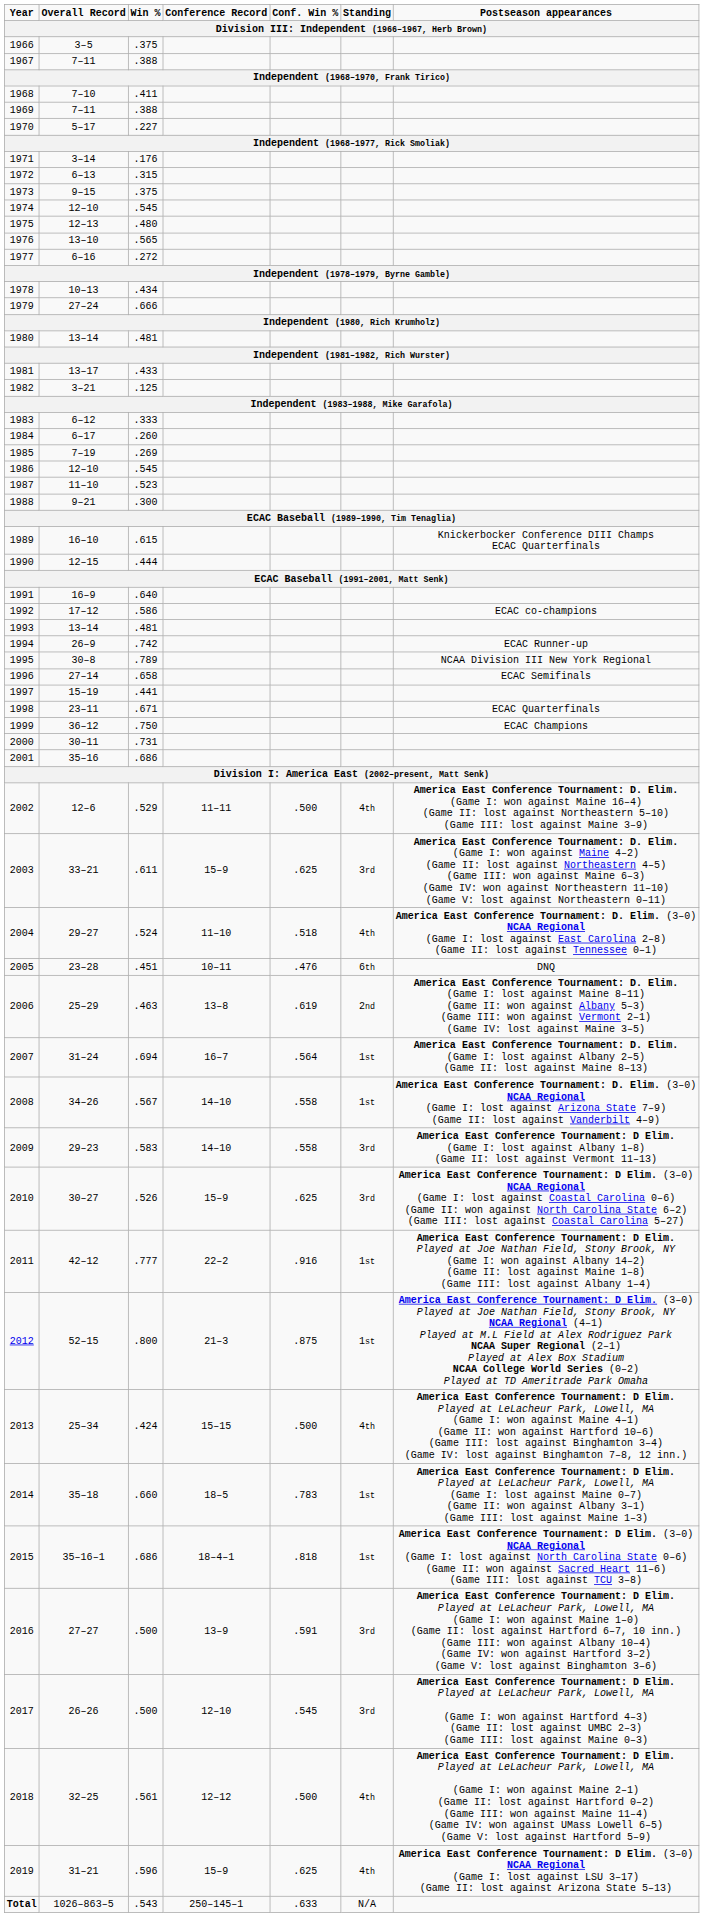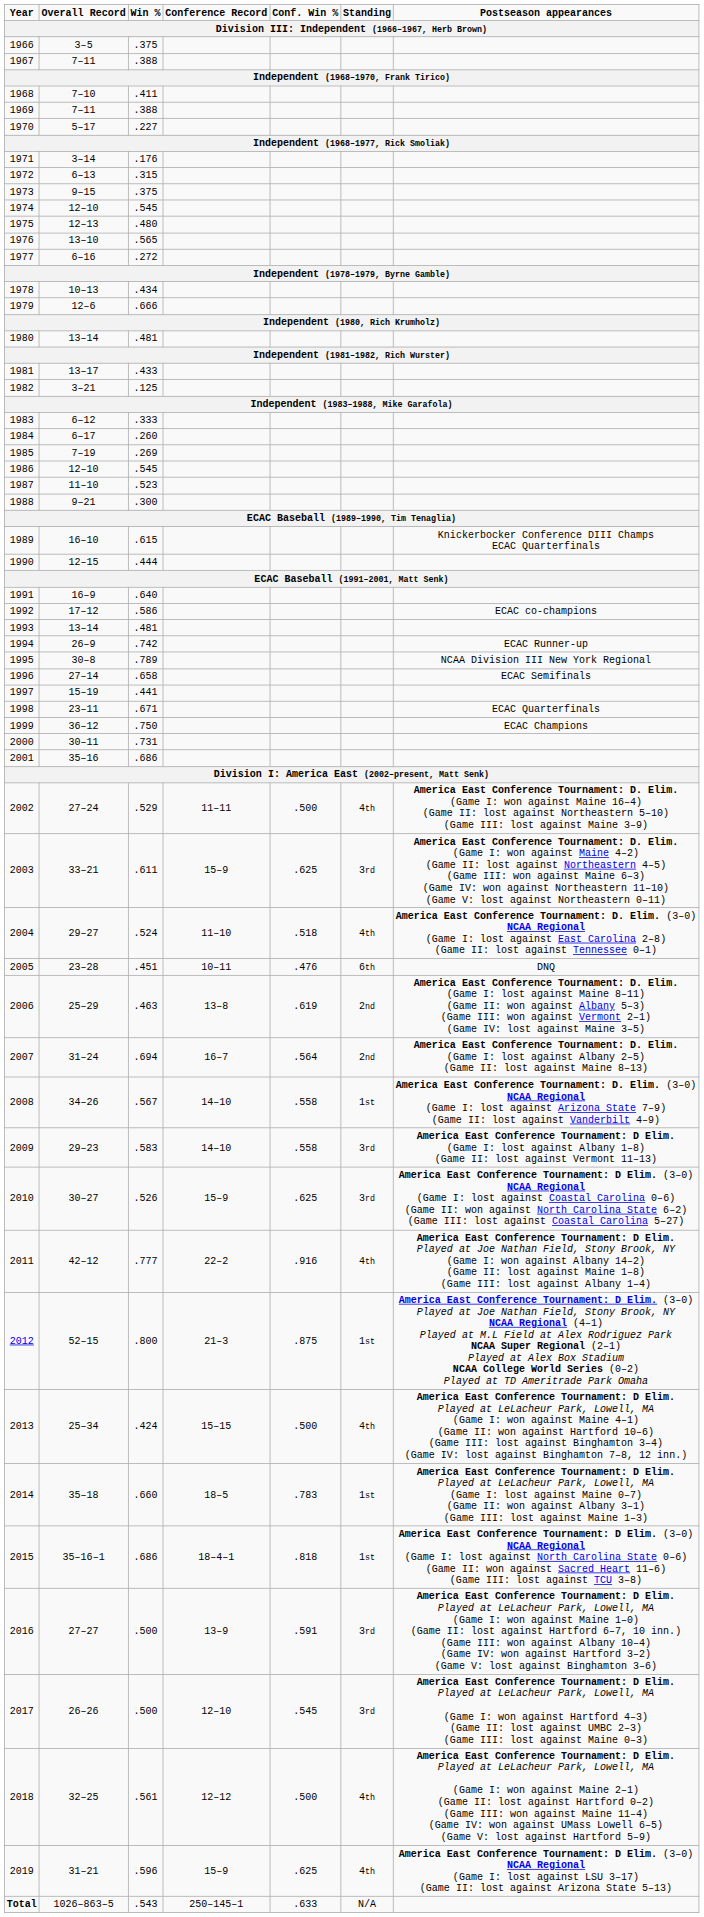 <table class="wikitable" style="text-align:center">
 <tr>
 <td><strong>Year</strong></td>
 <td><strong>Overall Record</strong></td>
 <td><strong>Win %</strong></td>
 <td><strong>Conference Record </strong></td>
 <td><strong>Conf. Win %</strong></td>
 <td><strong>Standing</strong></td>
 <td><strong>Postseason appearances</strong></td>
 </tr>
 <tr>
 <th colspan="9">Division III: Independent <small>(1966–1967, Herb Brown)</small></th>
 </tr>
 <tr align="center">
 <td>1966</td>
 <td>3–5</td>
 <td>.375</td>
 <td></td>
 <td></td>
 <td></td>
 <td></td>
 </tr>
 <tr align="center">
 <td>1967</td>
 <td>7–11</td>
 <td>.388</td>
 <td></td>
 <td></td>
 <td></td>
 <td></td>
 </tr>
 <tr>
 <th colspan="9">Independent <small>(1968–1970, Frank Tirico)</small></th>
 </tr>
 <tr align="center">
 <td>1968</td>
 <td>7–10</td>
 <td>.411</td>
 <td></td>
 <td></td>
 <td></td>
 <td></td>
 </tr>
 <tr align="center">
 <td>1969</td>
 <td>7–11</td>
 <td>.388</td>
 <td></td>
 <td></td>
 <td></td>
 <td></td>
 </tr>
 <tr align="center">
 <td>1970</td>
 <td>5–17</td>
 <td>.227</td>
 <td></td>
 <td></td>
 <td></td>
 <td></td>
 </tr>
 <tr>
 <th colspan="9">Independent <small>(1968–1977, Rick Smoliak)</small></th>
 </tr>
 <tr align="center">
 <td>1971</td>
 <td>3–14</td>
 <td>.176</td>
 <td></td>
 <td></td>
 <td></td>
 <td></td>
 </tr>
 <tr align="center">
 <td>1972</td>
 <td>6–13</td>
 <td>.315</td>
 <td></td>
 <td></td>
 <td></td>
 <td></td>
 </tr>
 <tr align="center">
 <td>1973</td>
 <td>9–15</td>
 <td>.375</td>
 <td></td>
 <td></td>
 <td></td>
 <td></td>
 </tr>
 <tr align="center">
 <td>1974</td>
 <td>12–10</td>
 <td>.545</td>
 <td></td>
 <td></td>
 <td></td>
 <td></td>
 </tr>
 <tr align="center">
 <td>1975</td>
 <td>12–13</td>
 <td>.480</td>
 <td></td>
 <td></td>
 <td></td>
 <td></td>
 </tr>
 <tr align="center">
 <td>1976</td>
 <td>13–10</td>
 <td>.565</td>
 <td></td>
 <td></td>
 <td></td>
 <td></td>
 </tr>
 <tr align="center">
 <td>1977</td>
 <td>6–16</td>
 <td>.272</td>
 <td></td>
 <td></td>
 <td></td>
 <td></td>
 </tr>
 <tr>
 <th colspan="9">Independent <small>(1978–1979, Byrne Gamble)</small></th>
 </tr>
 <tr align="center">
 <td>1978</td>
 <td>10–13</td>
 <td>.434</td>
 <td></td>
 <td></td>
 <td></td>
 <td></td>
 </tr>
 <tr align="center">
 <td>1979</td>
-<td>27–24</td>
+<td>12–6</td>
 <td>.666</td>
 <td></td>
 <td></td>
 <td></td>
 <td></td>
 </tr>
 <tr>
 <th colspan="9">Independent <small>(1980, Rich Krumholz)</small></th>
 </tr>
 <tr align="center">
 <td>1980</td>
 <td>13–14</td>
 <td>.481</td>
 <td></td>
 <td></td>
 <td></td>
 <td></td>
 </tr>
 <tr>
 <th colspan="9">Independent <small>(1981–1982, Rich Wurster)</small></th>
 </tr>
 <tr align="center">
 <td>1981</td>
 <td>13–17</td>
 <td>.433</td>
 <td></td>
 <td></td>
 <td></td>
 <td></td>
 </tr>
 <tr align="center">
 <td>1982</td>
 <td>3–21</td>
 <td>.125</td>
 <td></td>
 <td></td>
 <td></td>
 <td></td>
 </tr>
 <tr>
 <th colspan="9">Independent <small>(1983–1988, Mike Garafola)</small></th>
 </tr>
 <tr align="center">
 <td>1983</td>
 <td>6–12</td>
 <td>.333</td>
 <td></td>
 <td></td>
 <td></td>
 <td></td>
 </tr>
 <tr align="center">
 <td>1984</td>
 <td>6–17</td>
 <td>.260</td>
 <td></td>
 <td></td>
 <td></td>
 <td></td>
 </tr>
 <tr align="center">
 <td>1985</td>
 <td>7–19</td>
 <td>.269</td>
 <td></td>
 <td></td>
 <td></td>
 <td></td>
 </tr>
 <tr align="center">
 <td>1986</td>
 <td>12–10</td>
 <td>.545</td>
 <td></td>
 <td></td>
 <td></td>
 <td></td>
 </tr>
 <tr align="center">
 <td>1987</td>
 <td>11–10</td>
 <td>.523</td>
 <td></td>
 <td></td>
 <td></td>
 <td></td>
 </tr>
 <tr align="center">
 <td>1988</td>
 <td>9–21</td>
 <td>.300</td>
 <td></td>
 <td></td>
 <td></td>
 <td></td>
 </tr>
 <tr>
 <th colspan="9">ECAC Baseball <small>(1989–1990, Tim Tenaglia)</small></th>
 </tr>
 <tr align="center">
 <td>1989</td>
 <td>16–10</td>
 <td>.615</td>
 <td></td>
 <td></td>
 <td></td>
 <td>Knickerbocker Conference DIII Champs<br>ECAC Quarterfinals</td>
 </tr>
 <tr align="center">
 <td>1990</td>
 <td>12–15</td>
 <td>.444</td>
 <td></td>
 <td></td>
 <td></td>
 <td></td>
 </tr>
 <tr>
 <th colspan="9">ECAC Baseball <small>(1991–2001, Matt Senk)</small></th>
 </tr>
 <tr align="center">
 <td>1991</td>
 <td>16–9</td>
 <td>.640</td>
 <td></td>
 <td></td>
 <td></td>
 <td></td>
 </tr>
 <tr align="center">
 <td>1992</td>
 <td>17–12</td>
 <td>.586</td>
 <td></td>
 <td></td>
 <td></td>
 <td>ECAC co-champions</td>
 </tr>
 <tr align="center">
 <td>1993</td>
 <td>13–14</td>
 <td>.481</td>
 <td></td>
 <td></td>
 <td></td>
 <td></td>
 </tr>
 <tr align="center">
 <td>1994</td>
 <td>26–9</td>
 <td>.742</td>
 <td></td>
 <td></td>
 <td></td>
 <td>ECAC Runner-up</td>
 </tr>
 <tr align="center">
 <td>1995</td>
 <td>30–8</td>
 <td>.789</td>
 <td></td>
 <td></td>
 <td></td>
 <td>NCAA Division III New York Regional</td>
 </tr>
 <tr align="center">
 <td>1996</td>
 <td>27–14</td>
 <td>.658</td>
 <td></td>
 <td></td>
 <td></td>
 <td>ECAC Semifinals</td>
 </tr>
 <tr align="center">
 <td>1997</td>
 <td>15–19</td>
 <td>.441</td>
 <td></td>
 <td></td>
 <td></td>
 <td></td>
 </tr>
 <tr align="center">
 <td>1998</td>
 <td>23–11</td>
 <td>.671</td>
 <td></td>
 <td></td>
 <td></td>
 <td>ECAC Quarterfinals</td>
 </tr>
 <tr align="center">
 <td>1999</td>
 <td>36–12</td>
 <td>.750</td>
 <td></td>
 <td></td>
 <td></td>
 <td>ECAC Champions</td>
 </tr>
 <tr align="center">
 <td>2000</td>
 <td>30–11</td>
 <td>.731</td>
 <td></td>
 <td></td>
 <td></td>
 <td></td>
 </tr>
 <tr align="center">
 <td>2001</td>
 <td>35–16</td>
 <td>.686</td>
 <td></td>
 <td></td>
 <td></td>
 <td></td>
 </tr>
 <tr>
 <th colspan="9">Division I: America East <small>(2002–present, Matt Senk)</small></th>
 </tr>
 <tr align="center">
 <td>2002</td>
-<td>12–6</td>
+<td>27–24</td>
 <td>.529</td>
 <td>11–11</td>
 <td>.500</td>
 <td>4<small>th</small></td>
 <td><strong>America East Conference Tournament: D. Elim.</strong> <br> (Game I: won against Maine 16–4) <br> (Game II: lost against Northeastern 5–10)<br> (Game III: lost against Maine 3–9)</td>
 </tr>
 <tr align="center">
 <td>2003</td>
 <td>33–21</td>
 <td>.611</td>
 <td>15–9</td>
 <td>.625</td>
 <td>3<small>rd</small></td>
 <td><strong>America East Conference Tournament: D. Elim.</strong> <br>(Game I: won against <a href='#'>Maine</a> 4–2)<br> (Game II: lost against <a href='#'>Northeastern</a> 4–5)<br> (Game III: won against Maine 6–3) <br> (Game IV: won against Northeastern 11–10) <br> (Game V: lost against Northeastern 0–11)</td>
 </tr>
 <tr align="center">
 <td>2004</td>
 <td>29–27</td>
 <td>.524</td>
 <td>11–10</td>
 <td>.518</td>
 <td>4<small>th</small></td>
 <td><strong>America East Conference Tournament: D. Elim.</strong> (3–0) <br> <strong><a href='#'>NCAA Regional</a></strong><br> (Game I: lost against <a href='#'>East Carolina</a> 2–8) <br> (Game II: lost against <a href='#'>Tennessee</a> 0–1)</td>
 </tr>
 <tr align="center">
 <td>2005</td>
 <td>23–28</td>
 <td>.451</td>
 <td>10–11</td>
 <td>.476</td>
 <td>6<small>th</small></td>
 <td>DNQ</td>
 </tr>
 <tr align="center">
 <td>2006</td>
 <td>25–29</td>
 <td>.463</td>
 <td>13–8</td>
 <td>.619</td>
 <td>2<small>nd</small></td>
 <td><strong>America East Conference Tournament: D. Elim.</strong><br>(Game I: lost against Maine 8–11)<br>(Game II: won against <a href='#'>Albany</a> 5–3)<br>(Game III: won against <a href='#'>Vermont</a> 2–1)<br>(Game IV: lost against Maine 3–5)</td>
 </tr>
 <tr align="center">
 <td>2007</td>
 <td>31–24</td>
 <td>.694</td>
 <td>16–7</td>
 <td>.564</td>
-<td>1<small>st</small></td>
+<td>2<small>nd</small></td>
 <td><strong>America East Conference Tournament: D. Elim.</strong><br>(Game I: lost against Albany 2–5)<br>(Game II: lost against Maine 8–13)<br></td>
 </tr>
 <tr align="center">
 <td>2008</td>
 <td>34–26</td>
 <td>.567</td>
 <td>14–10</td>
 <td>.558</td>
 <td>1<small>st</small></td>
 <td><strong>America East Conference Tournament: D. Elim.</strong> (3–0) <br> <strong><a href='#'>NCAA Regional</a></strong> <br> (Game I: lost against <a href='#'>Arizona State</a> 7–9) <br> (Game II: lost against <a href='#'>Vanderbilt</a> 4–9)</td>
 </tr>
 <tr align="center">
 <td>2009</td>
 <td>29–23</td>
 <td>.583</td>
 <td>14–10</td>
 <td>.558</td>
 <td>3<small>rd</small></td>
 <td><strong>America East Conference Tournament: D Elim.</strong><br>(Game I: lost against Albany 1–8)<br>(Game II: lost against Vermont 11–13)</td>
 </tr>
 <tr align="center">
 <td>2010</td>
 <td>30–27</td>
 <td>.526</td>
 <td>15–9</td>
 <td>.625</td>
 <td>3<small>rd</small></td>
 <td><strong>America East Conference Tournament: D Elim.</strong> (3–0) <br> <strong><a href='#'>NCAA Regional</a></strong> <br> (Game I: lost against <a href='#'>Coastal Carolina</a> 0–6) <br> (Game II: won against <a href='#'>North Carolina State</a> 6–2) <br> (Game III: lost against <a href='#'>Coastal Carolina</a> 5–27)</td>
 </tr>
 <tr align="center">
 <td>2011</td>
 <td>42–12</td>
 <td>.777</td>
 <td>22–2</td>
 <td>.916</td>
-<td>1<small>st</small></td>
+<td>4<small>th</small></td>
 <td><strong>America East Conference Tournament: D Elim.</strong><br><em>Played at Joe Nathan Field, Stony Brook, NY</em><br>(Game I: won against Albany 14–2)<br>(Game II: lost against Maine 1–8)<br>(Game III: lost against Albany 1–4)</td>
 </tr>
 <tr align="center">
 <td><a href='#'>2012</a></td>
 <td>52–15</td>
 <td>.800</td>
 <td>21–3</td>
 <td>.875</td>
 <td>1<small>st</small></td>
 <td><strong><a href='#'>America East Conference Tournament: D Elim.</a></strong> (3–0)<br><em>Played at Joe Nathan Field, Stony Brook, NY</em> <br> <strong><a href='#'>NCAA Regional</a></strong> (4–1)<br> <em>Played at M.L Field at Alex Rodriguez Park</em><br><strong>NCAA Super Regional</strong> (2–1)<br><em>Played at Alex Box Stadium</em><br><strong>NCAA College World Series</strong> (0–2)<br><em>Played at TD Ameritrade Park Omaha</em></td>
 </tr>
 <tr align="center">
 <td>2013</td>
 <td>25–34</td>
 <td>.424</td>
 <td>15–15</td>
 <td>.500</td>
 <td>4<small>th</small></td>
 <td><strong>America East Conference Tournament: D Elim.</strong><br><em>Played at LeLacheur Park, Lowell, MA</em><br>(Game I: won against Maine 4–1)<br>(Game II: won against Hartford 10–6)<br>(Game III: lost against Binghamton 3–4)<br>(Game IV: lost against Binghamton 7–8, 12 inn.)</td>
 </tr>
 <tr align="center">
 <td>2014</td>
 <td>35–18</td>
 <td>.660</td>
 <td>18–5</td>
 <td>.783</td>
 <td>1<small>st</small></td>
 <td><strong>America East Conference Tournament: D Elim.</strong><br><em>Played at LeLacheur Park, Lowell, MA</em><br>(Game I: lost against Maine 0–7)<br>(Game II: won against Albany 3–1)<br>(Game III: lost against Maine 1–3)</td>
 </tr>
 <tr align="center">
 <td>2015</td>
 <td>35–16–1</td>
 <td>.686</td>
 <td>18–4–1</td>
 <td>.818</td>
 <td>1<small>st</small></td>
 <td><strong>America East Conference Tournament: D Elim.</strong> (3–0) <br> <strong><a href='#'>NCAA Regional</a></strong> <br> (Game I: lost against <a href='#'>North Carolina State</a> 0–6) <br> (Game II: won against <a href='#'>Sacred Heart</a> 11–6) <br> (Game III: lost against <a href='#'>TCU</a> 3–8)</td>
 </tr>
 <tr align="center">
 <td>2016</td>
 <td>27–27</td>
 <td>.500</td>
 <td>13–9</td>
 <td>.591</td>
 <td>3<small>rd</small></td>
 <td><strong>America East Conference Tournament: D Elim.</strong><br><em>Played at LeLacheur Park, Lowell, MA</em><br>(Game I: won against Maine 1–0)<br>(Game II: lost against Hartford 6–7, 10 inn.)<br>(Game III: won against Albany 10–4)<br>(Game IV: won against Hartford 3–2)<br>(Game V: lost against Binghamton 3–6)</td>
 </tr>
 <tr>
 <td>2017</td>
 <td>26–26</td>
 <td>.500</td>
 <td>12–10</td>
 <td>.545</td>
 <td>3<small>rd</small></td>
 <td><strong>America East Conference Tournament: D Elim.</strong><br><em>Played at LeLacheur Park, Lowell, MA</em><br><br>(Game I: won against Hartford 4–3)<br> (Game II: lost against UMBC 2–3)<br> (Game III: lost against Maine 0–3)<br></td>
 </tr>
 <tr>
 <td>2018</td>
 <td>32–25</td>
 <td>.561</td>
 <td>12–12</td>
 <td>.500</td>
 <td>4<small>th</small></td>
 <td><strong>America East Conference Tournament: D Elim.</strong><br><em>Played at LeLacheur Park, Lowell, MA</em><br><br>(Game I: won against Maine 2–1)<br> (Game II: lost against Hartford 0–2)<br> (Game III: won against Maine 11–4)<br> (Game IV: won against UMass Lowell 6–5)<br> (Game V: lost against Hartford 5–9)<br></td>
 </tr>
 <tr>
 <td>2019</td>
 <td>31–21</td>
 <td>.596</td>
 <td>15–9</td>
 <td>.625</td>
 <td>4<small>th</small></td>
 <td><strong>America East Conference Tournament: D Elim.</strong> (3–0)<br><a href='#'><strong>NCAA Regional</strong></a><br>(Game I: lost against LSU 3–17)<br>(Game II: lost against Arizona State 5–13)</td>
 </tr>
 <tr align="center">
 <td><strong>Total</strong></td>
 <td>1026–863–5</td>
 <td>.543</td>
 <td>250–145–1</td>
 <td>.633</td>
 <td>N/A</td>
 <td></td>
 </tr>
 </table>
